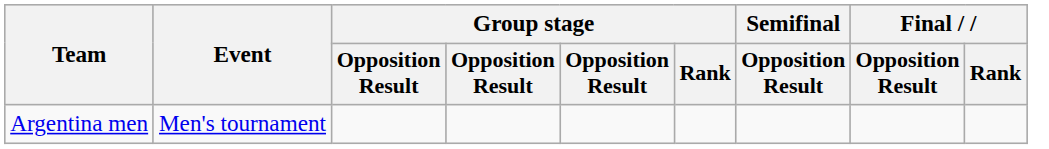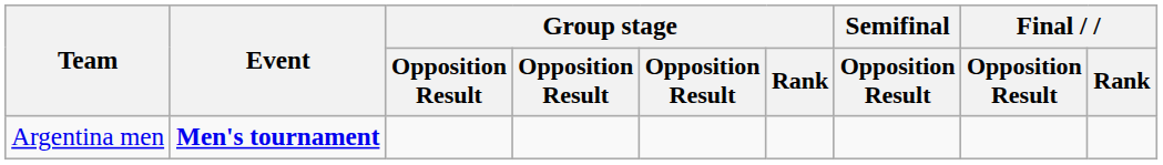 <table class=wikitable style=font-size:90%;text-align:center>
 <tr>
 <th rowspan=2>Team</th>
 <th rowspan=2>Event</th>
 <th colspan=4>Group stage</th>
 <th>Semifinal</th>
 <th colspan=2>Final /  / </th>
 </tr>
 <tr style=font-size:95%>
 <th>Opposition<br>Result</th>
 <th>Opposition<br>Result</th>
 <th>Opposition<br>Result</th>
 <th>Rank</th>
 <th>Opposition<br>Result</th>
 <th>Opposition<br>Result</th>
 <th>Rank</th>
 </tr>
 <tr>
 <td align=left><a href='#'>Argentina men</a></td>
-<td align=left><a href='#'>Men's tournament</a></td>
+<td align=left><strong><a href='#'>Men's tournament</a></strong></td>
 <td></td>
 <td></td>
 <td></td>
 <td></td>
 <td></td>
 <td></td>
 <td></td>
 </tr>
 </table>
